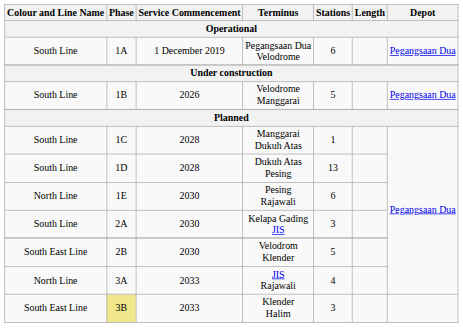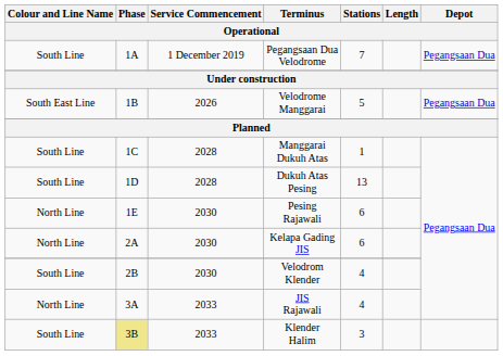 <table class="wikitable sortable" style="margin:auto; font-align:center; text-align:center; font-size:85%">
 <tr>
 <th>Colour and Line Name</th>
 <th>Phase</th>
 <th>Service Commencement</th>
 <th>Terminus</th>
 <th>Stations</th>
 <th>Length</th>
 <th>Depot</th>
 </tr>
 <tr align="center">
 <th colspan="7">Operational</th>
 </tr>
 <tr align="center">
 <td> South Line</td>
 <td>1A</td>
 <td>1 December 2019</td>
 <td>Pegangsaan Dua<br>Velodrome</td>
-<td>6</td>
+<td>7</td>
 <td></td>
 <td><a href='#'>Pegangsaan Dua</a></td>
 </tr>
 <tr>
 </tr>
 <tr align="center">
 <th colspan="7">Under construction</th>
 </tr>
 <tr align="center">
-<td> South Line</td>
+<td>South East Line</td>
 <td>1B</td>
 <td>2026</td>
 <td>Velodrome<br>Manggarai</td>
 <td>5</td>
 <td></td>
 <td><a href='#'>Pegangsaan Dua</a></td>
 </tr>
 <tr>
 </tr>
 <tr align="center">
 <th colspan="7">Planned</th>
 </tr>
 <tr align="center">
 <td> South Line</td>
 <td>1C</td>
 <td>2028</td>
 <td>Manggarai<br>Dukuh Atas</td>
 <td>1</td>
 <td></td>
 <td rowspan="7"><a href='#'>Pegangsaan Dua</a></td>
 </tr>
 <tr align="center">
 <td> South Line</td>
 <td>1D</td>
 <td>2028</td>
 <td>Dukuh Atas<br>Pesing</td>
 <td>13</td>
 <td></td>
 </tr>
 <tr align="center">
 <td> North Line</td>
 <td>1E</td>
 <td>2030</td>
 <td>Pesing<br>Rajawali</td>
 <td>6</td>
 <td></td>
 </tr>
 <tr align="center">
-<td> South Line</td>
+<td> North Line</td>
 <td>2A</td>
 <td>2030</td>
 <td>Kelapa Gading<br><a href='#'>JIS</a></td>
-<td>3</td>
+<td>6</td>
 <td></td>
 </tr>
 <tr>
 </tr>
 <tr align="center">
-<td>South East Line</td>
+<td> South Line</td>
 <td>2B</td>
 <td>2030</td>
 <td>Velodrom<br>Klender</td>
-<td>5</td>
+<td>4</td>
 <td></td>
 </tr>
 <tr align="center">
 <td> North Line</td>
 <td>3A</td>
 <td>2033</td>
 <td><a href='#'>JIS</a><br>Rajawali</td>
 <td>4</td>
 <td></td>
 </tr>
 <tr align="center">
-<td>South East Line</td>
+<td> South Line</td>
 <td style="background: khaki;">3B</td>
 <td>2033</td>
 <td>Klender<br>Halim</td>
 <td>3</td>
 <td></td>
 </tr>
 </table>
